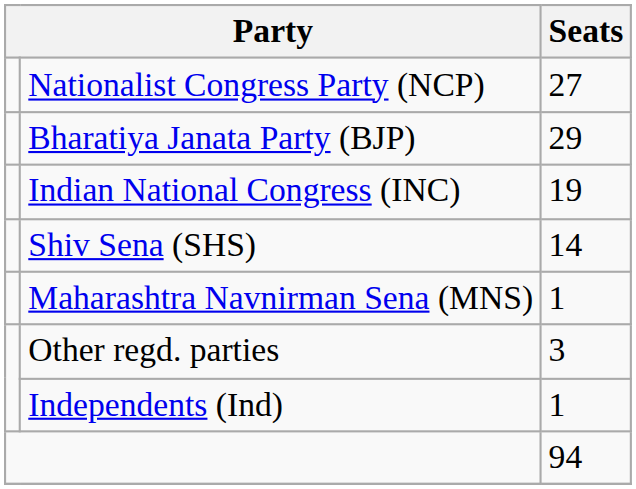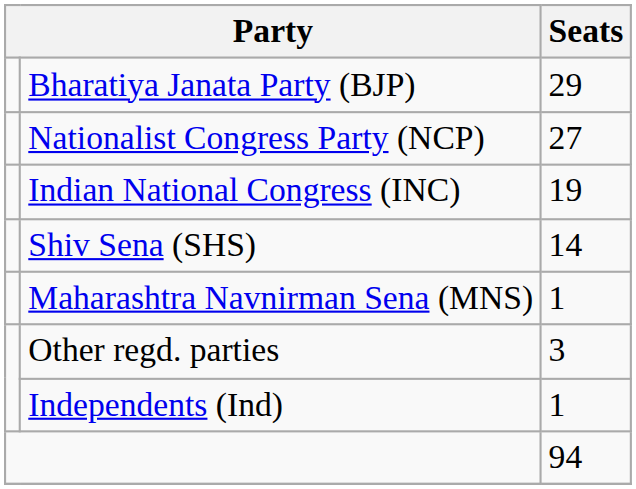 <table class="wikitable">
 <tr>
 <th colspan="2">Party</th>
 <th>Seats</th>
 </tr>
 <tr>
 <td style="background-color: "></td>
-<td><a href='#'>Nationalist Congress Party</a> (NCP)</td>
-<td>27</td>
+<td><a href='#'>Bharatiya Janata Party</a> (BJP)</td>
+<td>29</td>
 </tr>
 <tr>
 <td style="background-color: "></td>
-<td><a href='#'>Bharatiya Janata Party</a> (BJP)</td>
-<td>29</td>
+<td><a href='#'>Nationalist Congress Party</a> (NCP)</td>
+<td>27</td>
 </tr>
 <tr>
 <td style="background-color: "></td>
 <td><a href='#'>Indian National Congress</a> (INC)</td>
 <td>19</td>
 </tr>
 <tr>
 <td style="background-color: "></td>
 <td><a href='#'>Shiv Sena</a> (SHS)</td>
 <td>14</td>
 </tr>
 <tr>
 <td style="background-color: "></td>
 <td><a href='#'>Maharashtra Navnirman Sena</a> (MNS)</td>
 <td>1</td>
 </tr>
 <tr>
 <td rowspan="2" style="background-color: "></td>
 <td>Other regd. parties</td>
 <td>3</td>
 </tr>
 <tr>
 <td><a href='#'>Independents</a> (Ind)</td>
 <td>1</td>
 </tr>
 <tr>
 <td colspan="2"></td>
 <td>94</td>
 </tr>
 <tr>
 </tr>
 </table>
